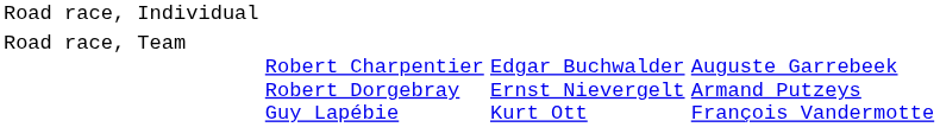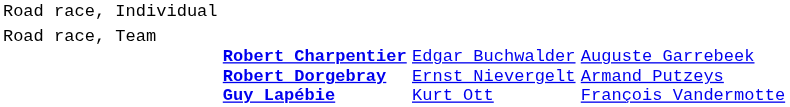 <table>
 <tr>
 <td>Road race, Individual<br></td>
 <td></td>
 <td></td>
 <td></td>
 </tr>
 <tr valign="top">
 <td>Road race, Team<br></td>
-<td><br><a href='#'>Robert Charpentier</a><br><a href='#'>Robert Dorgebray</a><br><a href='#'>Guy Lapébie</a></td>
+<td><strong><br><a href='#'>Robert Charpentier</a><br><a href='#'>Robert Dorgebray</a><br><a href='#'>Guy Lapébie</a></strong></td>
 <td><br><a href='#'>Edgar Buchwalder</a><br><a href='#'>Ernst Nievergelt</a><br><a href='#'>Kurt Ott</a></td>
 <td><br><a href='#'>Auguste Garrebeek</a><br><a href='#'>Armand Putzeys</a><br><a href='#'>François Vandermotte</a></td>
 </tr>
 </table>
